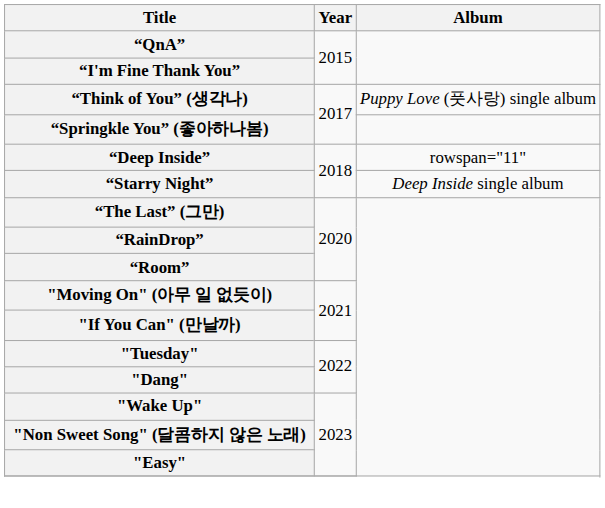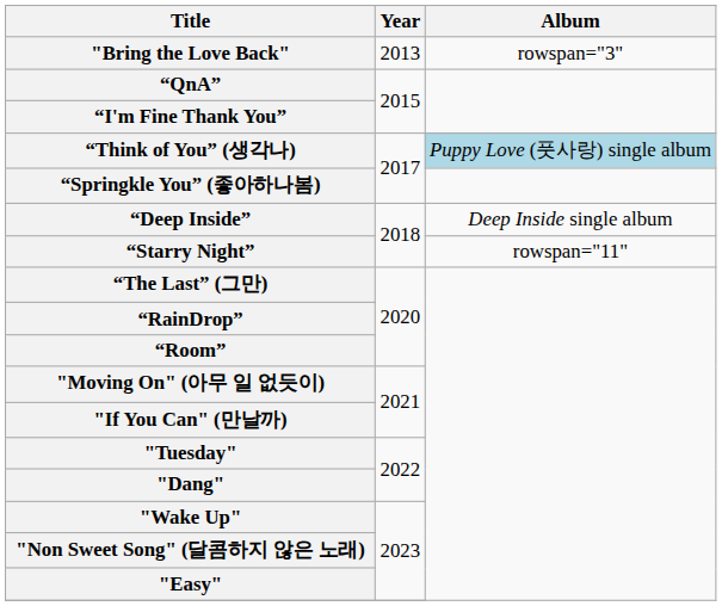 <table class="wikitable plainrowheaders" style="text-align:center;">
 <tr>
 <th rowspan="1" scope="col" style="width:18em;">Title</th>
 <th rowspan="1" scope="col">Year</th>
 <th rowspan="1" scope="col">Album</th>
+</tr>
+<tr>
+<th scope="row">"Bring the Love Back" </th>
+<td>2013</td>
+<td>rowspan="3" </td>
 </tr>
 <tr>
 <th scope="row">“QnA” </th>
 <td rowspan="2">2015</td>
 </tr>
 <tr>
 <th scope="row">“I'm Fine Thank You” </th>
 </tr>
 <tr>
 <th scope="row">“Think of You” (생각나)</th>
 <td rowspan="2">2017</td>
-<td><em>Puppy Love</em> (풋사랑) single album</td>
+<td style="background: lightblue;"><em>Puppy Love</em> (풋사랑) single album</td>
 </tr>
 <tr>
 <th scope="row">“Springkle You” (좋아하나봄) </th>
 <td></td>
 </tr>
 <tr>
 <th scope="row">“Deep Inside” </th>
 <td rowspan="2">2018</td>
-<td>rowspan="11" </td>
+<td><em>Deep Inside</em> single album</td>
 </tr>
 <tr>
 <th scope="row">“Starry Night”</th>
-<td><em>Deep Inside</em> single album</td>
+<td>rowspan="11" </td>
 </tr>
 <tr>
 <th scope="row">“The Last” (그만)</th>
 <td rowspan="3">2020</td>
 </tr>
 <tr>
 <th scope="row">“RainDrop”</th>
 </tr>
 <tr>
 <th scope="row">“Room”</th>
 </tr>
 <tr>
 <th scope="row">"Moving On" (아무 일 없듯이)</th>
 <td rowspan="2">2021</td>
 </tr>
 <tr>
 <th scope="row">"If You Can" (만날까)</th>
 </tr>
 <tr>
 <th scope="row">"Tuesday" </th>
 <td rowspan="2">2022</td>
 </tr>
 <tr>
 <th scope="row">"Dang" </th>
 </tr>
 <tr>
 <th scope="row">"Wake Up"</th>
 <td rowspan="3">2023</td>
 </tr>
 <tr>
 <th scope="row">"Non Sweet Song" (달콤하지 않은 노래) </th>
 </tr>
 <tr>
 <th scope="row">"Easy" </th>
 </tr>
 <tr>
 </tr>
 </table>
